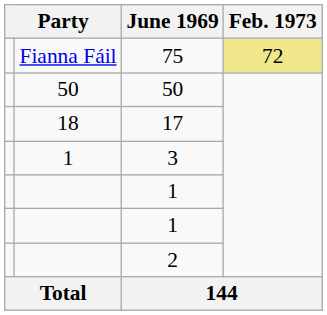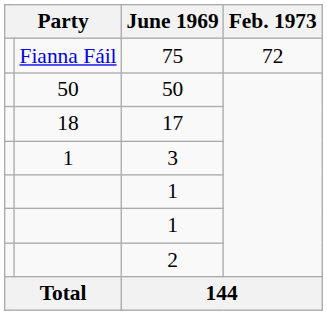 <table class="wikitable">
 <tr>
 <th colspan=2>Party</th>
 <th>June 1969</th>
 <th>Feb. 1973</th>
 </tr>
 <tr>
 <td style="background-color: "></td>
 <td><a href='#'>Fianna Fáil</a></td>
 <td align="center">75</td>
-<td align="center" style="background: khaki;">72</td>
+<td align="center">72</td>
 </tr>
 <tr>
 <td></td>
 <td align="center">50</td>
 <td align="center">50</td>
 </tr>
 <tr>
 <td></td>
 <td align="center">18</td>
 <td align="center">17</td>
 </tr>
 <tr>
 <td></td>
 <td align="center">1</td>
 <td align="center">3</td>
 </tr>
 <tr>
 <td></td>
 <td></td>
 <td align="center">1</td>
 </tr>
 <tr>
 <td></td>
 <td></td>
 <td align="center">1</td>
 </tr>
 <tr>
 <td></td>
 <td></td>
 <td align="center">2</td>
 </tr>
 <tr>
 <th colspan="2">Total</th>
 <th colspan="2" align="center">144</th>
 </tr>
 </table>
